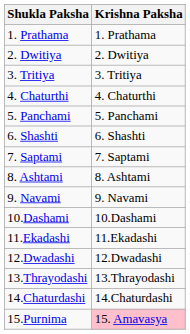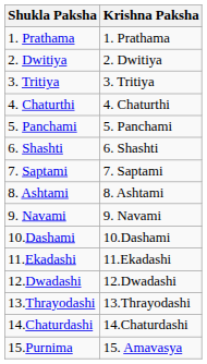 <table class="wikitable">
 <tr>
 <th>Shukla Paksha</th>
 <th>Krishna Paksha</th>
 </tr>
 <tr>
 <td>1. <a href='#'>Prathama</a></td>
 <td>1. Prathama</td>
 </tr>
 <tr>
 <td>2. <a href='#'>Dwitiya</a></td>
 <td>2. Dwitiya</td>
 </tr>
 <tr>
 <td>3. <a href='#'>Tritiya</a></td>
 <td>3. Tritiya</td>
 </tr>
 <tr>
 <td>4. <a href='#'>Chaturthi</a></td>
 <td>4. Chaturthi</td>
 </tr>
 <tr>
 <td>5. <a href='#'>Panchami</a></td>
 <td>5. Panchami</td>
 </tr>
 <tr>
 <td>6. <a href='#'>Shashti</a></td>
 <td>6. Shashti</td>
 </tr>
 <tr>
 <td>7. <a href='#'>Saptami</a></td>
 <td>7. Saptami</td>
 </tr>
 <tr>
 <td>8. <a href='#'>Ashtami</a></td>
 <td>8. Ashtami</td>
 </tr>
 <tr>
 <td>9. <a href='#'>Navami</a></td>
 <td>9. Navami</td>
 </tr>
 <tr>
 <td>10.<a href='#'>Dashami</a></td>
 <td>10.Dashami</td>
 </tr>
 <tr>
 <td>11.<a href='#'>Ekadashi</a></td>
 <td>11.Ekadashi</td>
 </tr>
 <tr>
 <td>12.<a href='#'>Dwadashi</a></td>
 <td>12.Dwadashi</td>
 </tr>
 <tr>
 <td>13.<a href='#'>Thrayodashi</a></td>
 <td>13.Thrayodashi</td>
 </tr>
 <tr>
 <td>14.<a href='#'>Chaturdashi</a></td>
 <td>14.Chaturdashi</td>
 </tr>
 <tr>
 <td>15.<a href='#'>Purnima</a></td>
-<td style="background: pink;">15. <a href='#'>Amavasya</a></td>
+<td>15. <a href='#'>Amavasya</a></td>
 </tr>
 </table>
